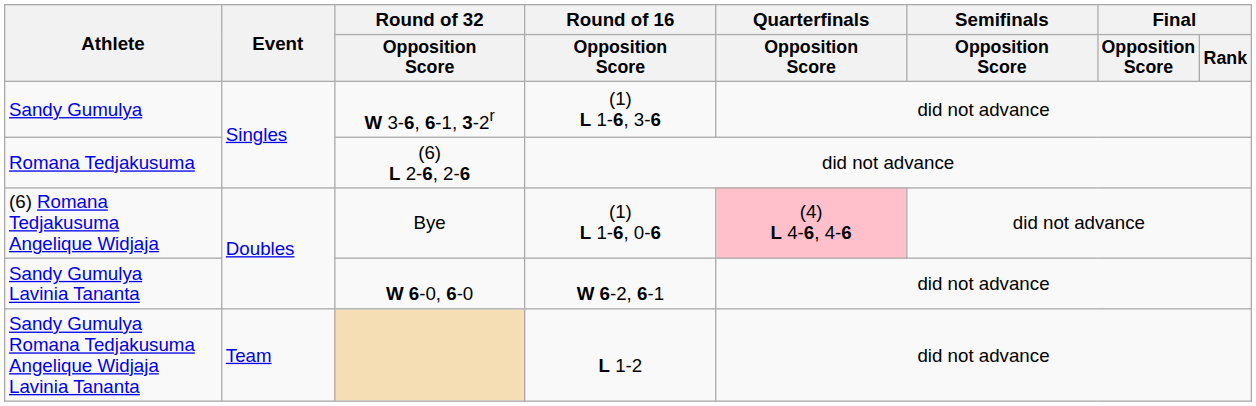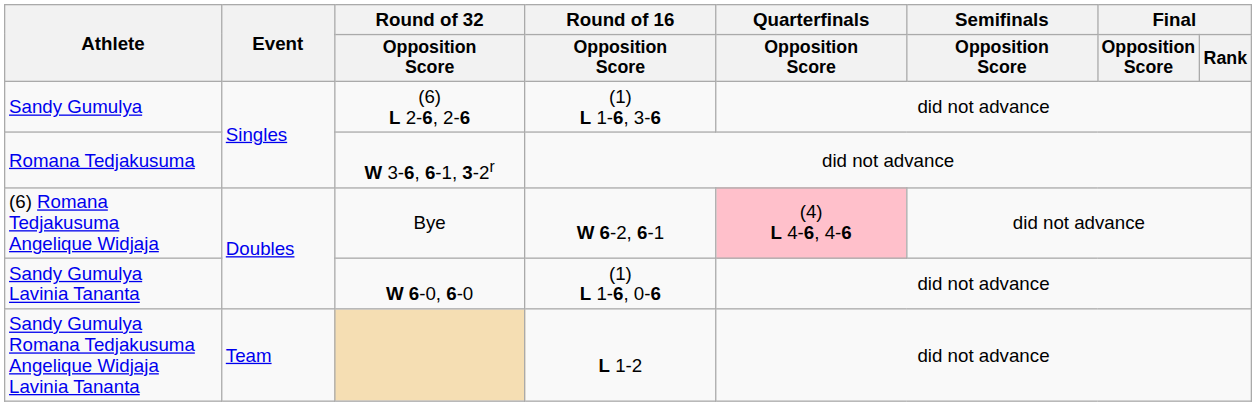 <table class="wikitable" style="font-size:90%; text-align:center">
 <tr>
 <th width="160" rowspan="2">Athlete</th>
 <th width="80" rowspan="2">Event</th>
 <th width="140">Round of 32</th>
 <th width="140">Round of 16</th>
 <th width="140">Quarterfinals</th>
 <th width="140">Semifinals</th>
 <th width="110" colspan="2">Final</th>
 </tr>
 <tr style="font-size:95%">
 <th>Opposition<br>Score</th>
 <th>Opposition<br>Score</th>
 <th>Opposition<br>Score</th>
 <th>Opposition<br>Score</th>
 <th>Opposition<br>Score</th>
 <th>Rank</th>
 </tr>
 <tr>
 <td align=left><a href='#'>Sandy Gumulya</a></td>
 <td align=left rowspan=2><a href='#'>Singles</a></td>
-<td align="center"> <br> <strong>W</strong> 3-<strong>6</strong>, <strong>6</strong>-1, <strong>3</strong>-2<sup>r</sup></td>
+<td align="center">(6)  <br> <strong>L</strong> 2-<strong>6</strong>, 2-<strong>6</strong></td>
 <td align="center">(1)  <br> <strong>L</strong> 1-<strong>6</strong>, 3-<strong>6</strong></td>
 <td align="center" colspan=4>did not advance</td>
 </tr>
 <tr>
 <td align=left><a href='#'>Romana Tedjakusuma</a></td>
-<td align="center">(6)  <br> <strong>L</strong> 2-<strong>6</strong>, 2-<strong>6</strong></td>
+<td align="center"> <br> <strong>W</strong> 3-<strong>6</strong>, <strong>6</strong>-1, <strong>3</strong>-2<sup>r</sup></td>
 <td align="center" colspan=5>did not advance</td>
 </tr>
 <tr>
 <td align=left>(6) <a href='#'>Romana Tedjakusuma</a> <br> <a href='#'>Angelique Widjaja</a></td>
 <td align=left rowspan=2><a href='#'>Doubles</a></td>
 <td align="center">Bye</td>
-<td align="center">(1)  <br> <strong>L</strong> 1-<strong>6</strong>, 0-<strong>6</strong></td>
+<td align="center"> <br> <strong>W</strong> <strong>6</strong>-2, <strong>6</strong>-1</td>
 <td align="center" style="background: pink;">(4)  <br> <strong>L</strong> 4-<strong>6</strong>, 4-<strong>6</strong></td>
 <td align="center" colspan=3>did not advance</td>
 </tr>
 <tr>
 <td align=left><a href='#'>Sandy Gumulya</a> <br> <a href='#'>Lavinia Tananta</a></td>
 <td align="center"> <br> <strong>W</strong> <strong>6</strong>-0, <strong>6</strong>-0</td>
-<td align="center"> <br> <strong>W</strong> <strong>6</strong>-2, <strong>6</strong>-1</td>
+<td align="center">(1)  <br> <strong>L</strong> 1-<strong>6</strong>, 0-<strong>6</strong></td>
 <td align="center" colspan=4>did not advance</td>
 </tr>
 <tr>
 <td align=left><a href='#'>Sandy Gumulya</a> <br> <a href='#'>Romana Tedjakusuma</a> <br> <a href='#'>Angelique Widjaja</a>  <br> <a href='#'>Lavinia Tananta</a></td>
 <td align=left><a href='#'>Team</a></td>
 <td bgcolor=wheat></td>
 <td> <br><strong>L</strong> 1-2</td>
 <td align="center" colspan=4>did not advance</td>
 </tr>
 </table>
